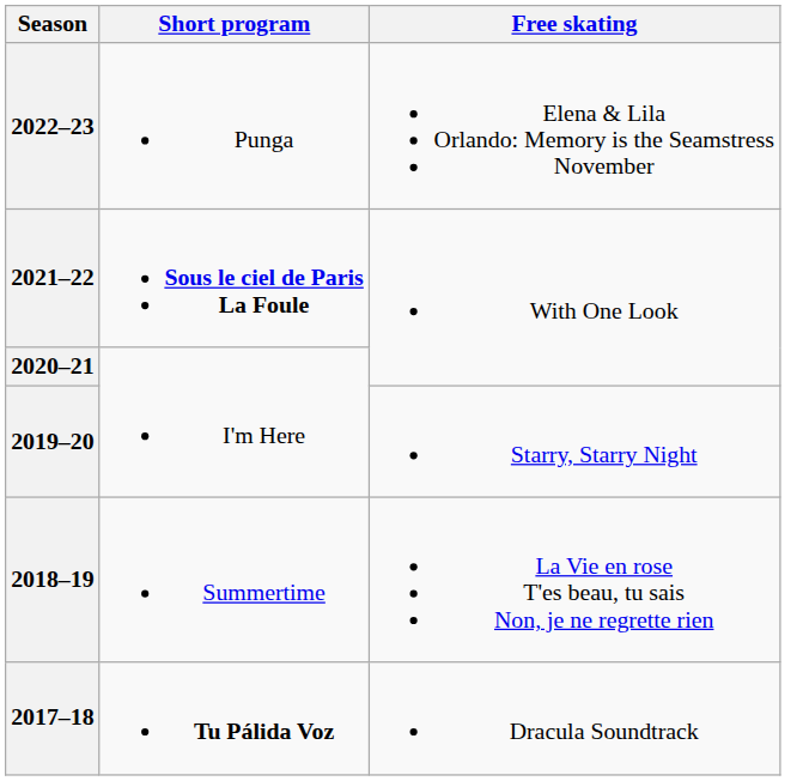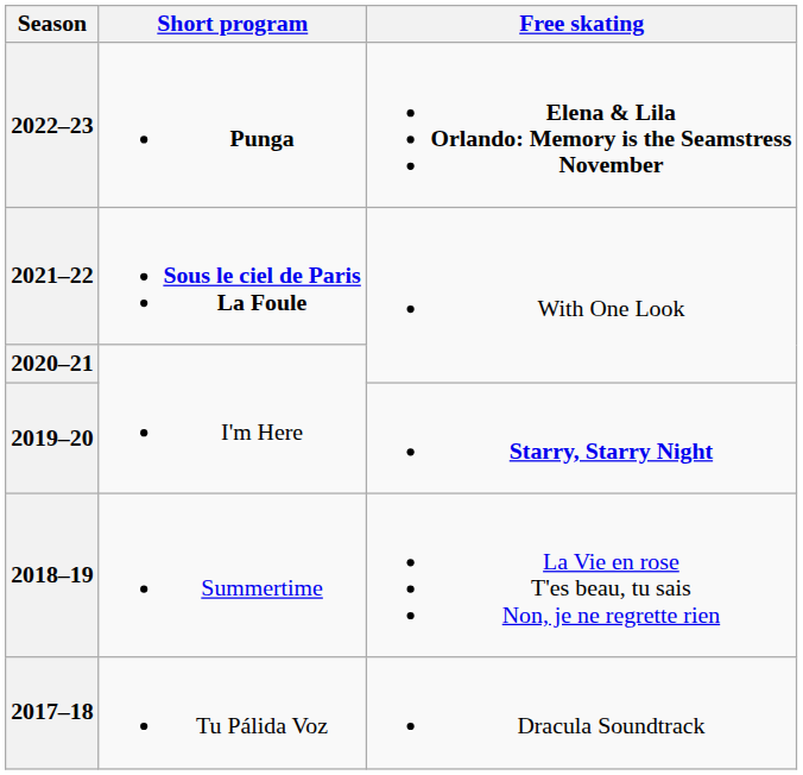 <table class=wikitable style=text-align:center>
 <tr>
 <th>Season</th>
 <th><a href='#'>Short program</a></th>
 <th><a href='#'>Free skating</a></th>
 </tr>
 <tr>
 <th>2022–23 <br></th>
-<td><br><ul><li>Punga <br></li></ul></td>
-<td><br><ul><li>Elena & Lila</li><li>Orlando: Memory is the Seamstress <br></li><li>November <br></li></ul></td>
+<td><strong><br><ul><li>Punga <br></li></ul></strong></td>
+<td><strong><br><ul><li>Elena & Lila</li><li>Orlando: Memory is the Seamstress <br></li><li>November <br></li></ul></strong></td>
 </tr>
 <tr>
 <th>2021–22 <br></th>
 <td><strong><br><ul><li><a href='#'>Sous le ciel de Paris</a></li><li>La Foule <br></li></ul></strong></td>
 <td rowspan=2><br><ul><li>With One Look <br> </li></ul></td>
 </tr>
 <tr>
 <th>2020–21 <br></th>
 <td rowspan=2><br><ul><li>I'm Here <br></li></ul></td>
 </tr>
 <tr>
 <th>2019–20 <br></th>
-<td><br><ul><li><a href='#'>Starry, Starry Night</a> <br> </li></ul></td>
+<td><strong><br><ul><li><a href='#'>Starry, Starry Night</a> <br> </li></ul></strong></td>
 </tr>
 <tr>
 <th>2018–19 <br></th>
 <td><br><ul><li><a href='#'>Summertime</a> <br></li></ul></td>
 <td><br><ul><li><a href='#'>La Vie en rose</a> <br></li><li>T'es beau, tu sais <br></li><li><a href='#'>Non, je ne regrette rien</a> <br></li></ul></td>
 </tr>
 <tr>
 <th>2017–18</th>
-<td><strong><br><ul><li>Tu Pálida Voz <br></li></ul></strong></td>
+<td><br><ul><li>Tu Pálida Voz <br></li></ul></td>
 <td><br><ul><li>Dracula Soundtrack</li></ul></td>
 </tr>
 </table>
